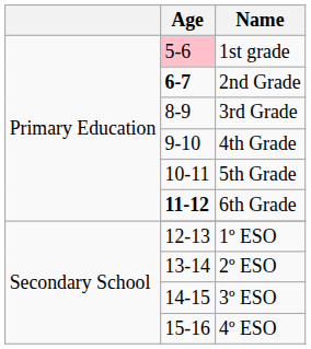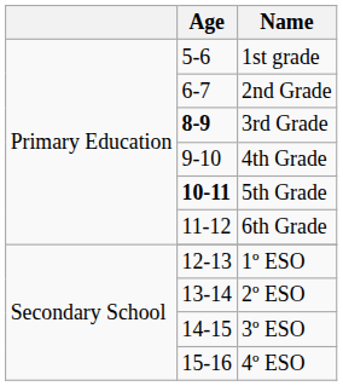 <table class="wikitable">
 <tr>
 <th></th>
 <th>Age</th>
 <th>Name</th>
 </tr>
 <tr>
 <td rowspan=6>Primary Education</td>
-<td style="background: pink;">5-6</td>
+<td>5-6</td>
 <td>1st grade</td>
 </tr>
 <tr>
-<td><strong>6-7</strong></td>
+<td>6-7</td>
 <td>2nd Grade</td>
 </tr>
 <tr>
-<td>8-9</td>
+<td><strong>8-9</strong></td>
 <td>3rd Grade</td>
 </tr>
 <tr>
 <td>9-10</td>
 <td>4th Grade</td>
 </tr>
 <tr>
-<td>10-11</td>
+<td><strong>10-11</strong></td>
 <td>5th Grade</td>
 </tr>
 <tr>
-<td><strong>11-12</strong></td>
+<td>11-12</td>
 <td>6th Grade</td>
 </tr>
 <tr>
 <td rowspan=5>Secondary School</td>
 </tr>
 <tr>
 <td>12-13</td>
 <td>1º ESO</td>
 </tr>
 <tr>
 <td>13-14</td>
 <td>2º ESO</td>
 </tr>
 <tr>
 <td>14-15</td>
 <td>3º ESO</td>
 </tr>
 <tr>
 <td>15-16</td>
 <td>4º ESO</td>
 </tr>
 </table>
